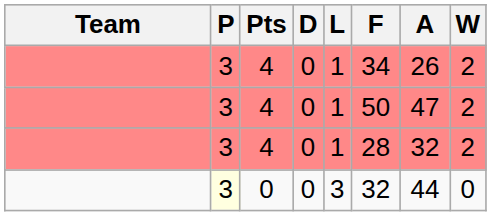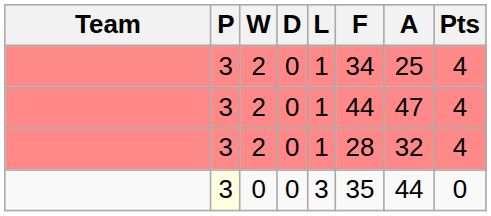 <table class="wikitable" style="text-align:center;">
 <tr>
 <th width="120px">Team</th>
 <th>P</th>
-<th width="23px">Pts</th>
+<th>W</th>
 <th>D</th>
 <th>L</th>
 <th width="23px">F</th>
 <th width="23px">A</th>
-<th>W</th>
+<th width="23px">Pts</th>
 </tr>
 <tr bgcolor="#FF8888">
 <td></td>
 <td>3</td>
-<td>4</td>
+<td>2</td>
 <td>0</td>
 <td>1</td>
 <td>34</td>
-<td>26</td>
-<td>2</td>
+<td>25</td>
+<td>4</td>
 </tr>
 <tr bgcolor="#FF8888">
 <td></td>
 <td>3</td>
-<td>4</td>
+<td>2</td>
 <td>0</td>
 <td>1</td>
-<td>50</td>
+<td>44</td>
 <td>47</td>
-<td>2</td>
+<td>4</td>
 </tr>
 <tr bgcolor="#FF8888">
 <td></td>
 <td>3</td>
-<td>4</td>
+<td>2</td>
 <td>0</td>
 <td>1</td>
 <td>28</td>
 <td>32</td>
-<td>2</td>
+<td>4</td>
 </tr>
 <tr>
 <td></td>
 <td style="background: lightyellow;">3</td>
 <td>0</td>
 <td>0</td>
 <td>3</td>
-<td>32</td>
+<td>35</td>
 <td>44</td>
 <td>0</td>
 </tr>
 </table>
